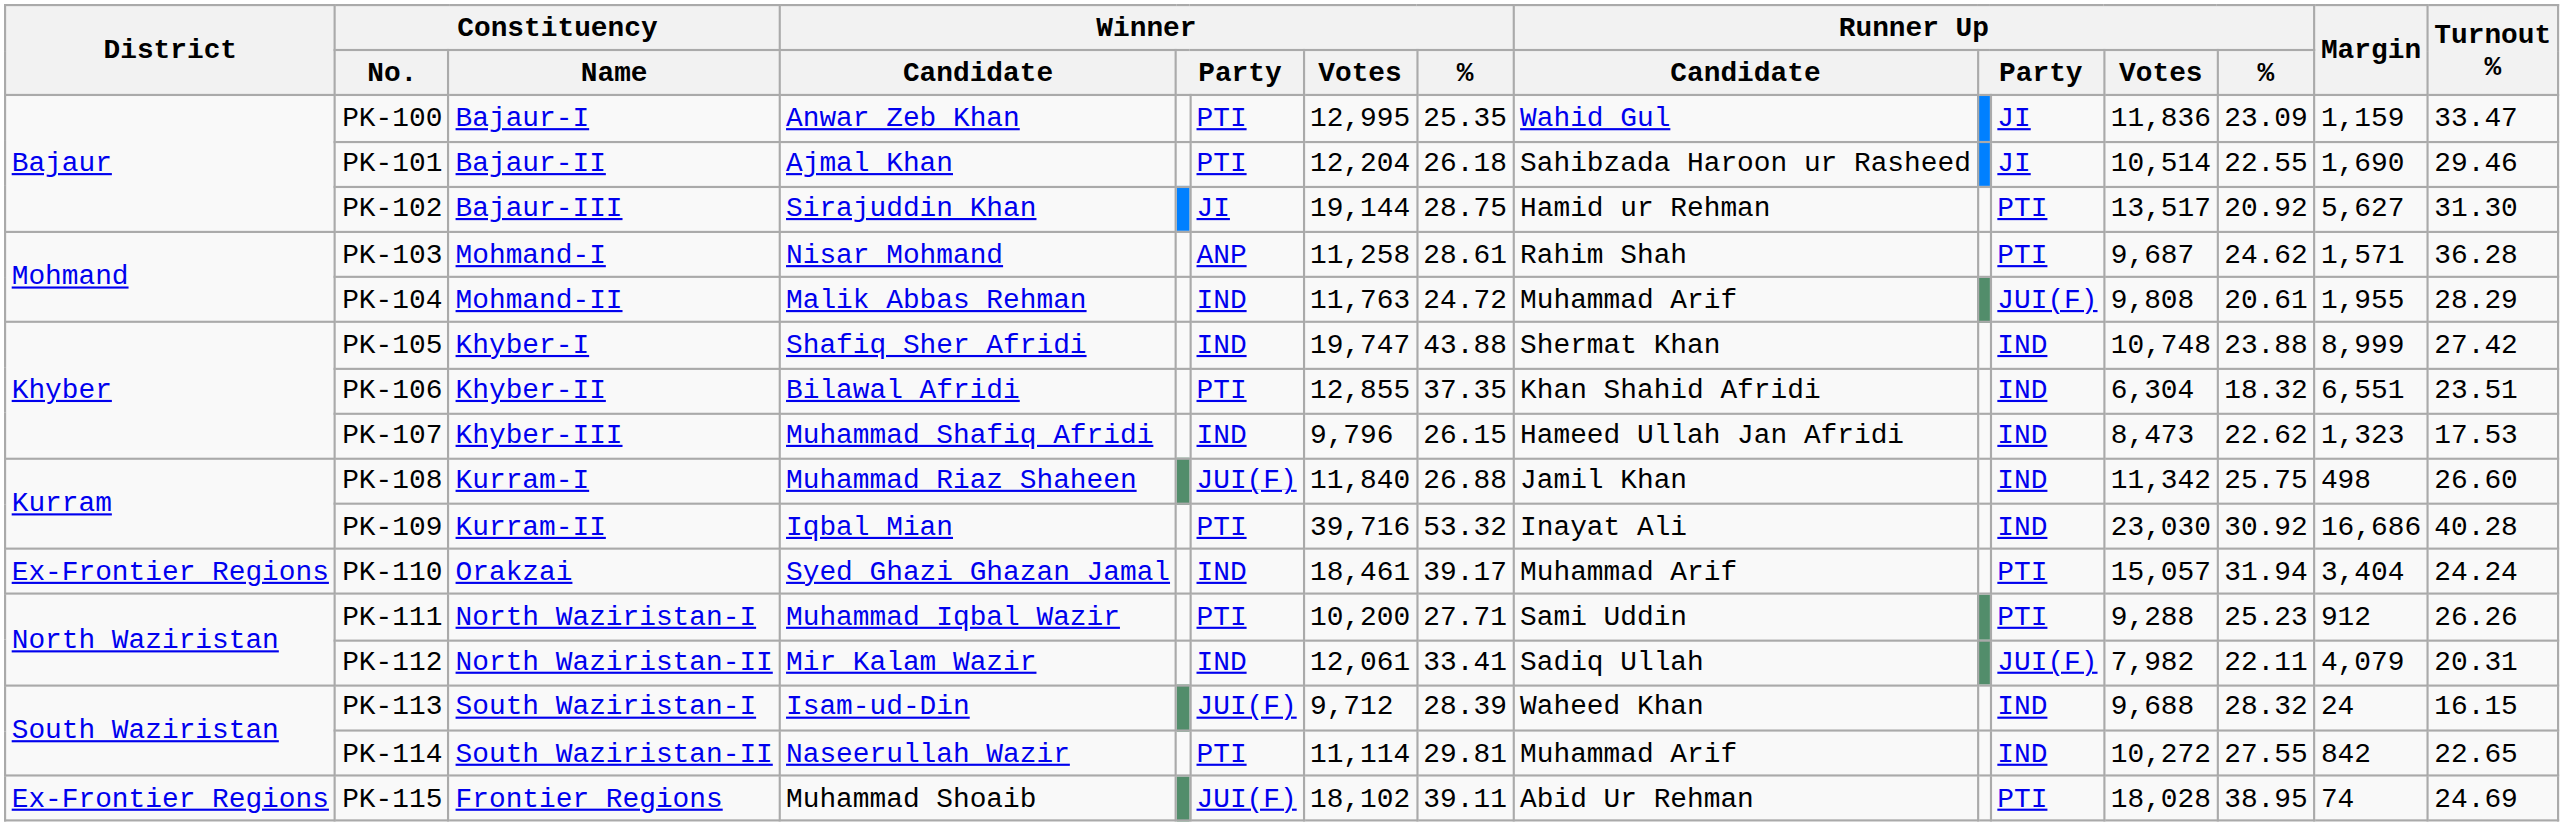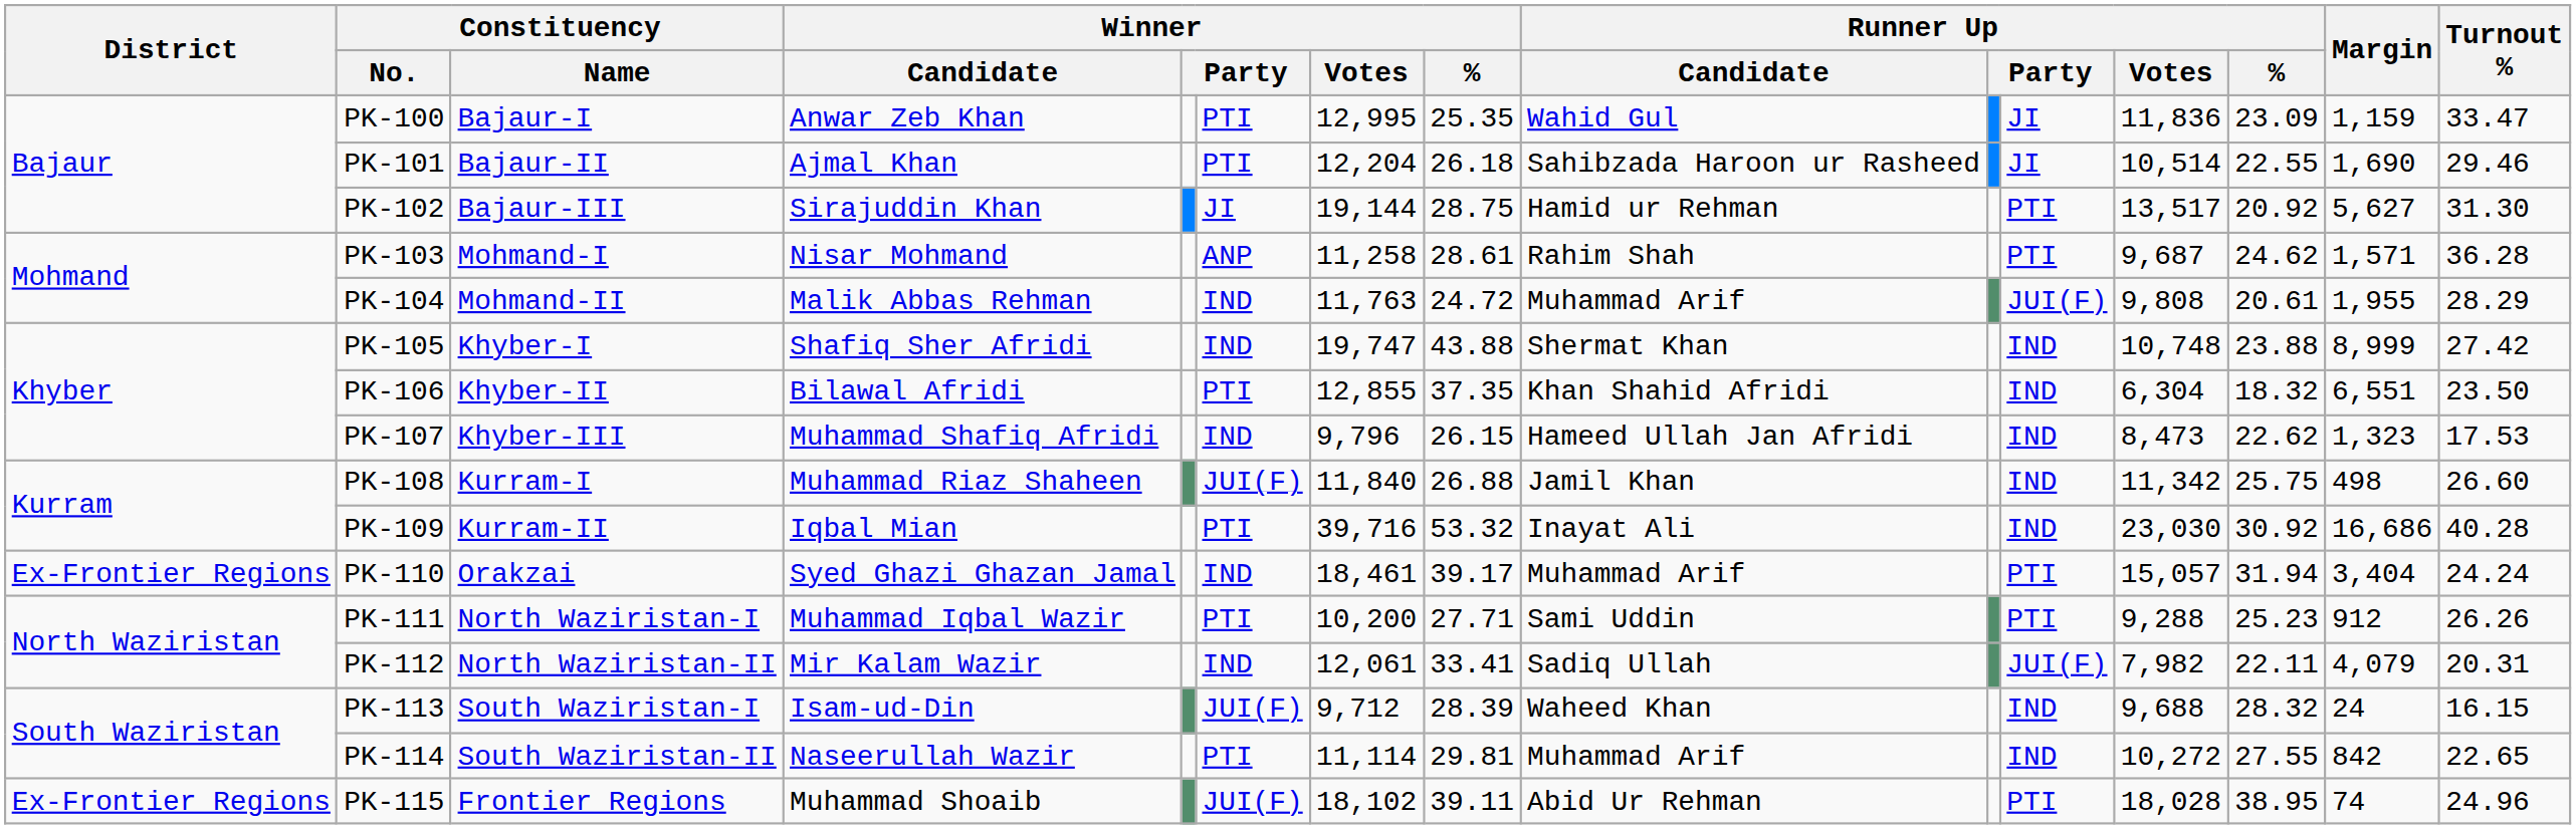 <table class="wikitable sortable static-row-numbers" style="text-align:left">
 <tr>
 <th rowspan="2">District</th>
 <th colspan="2">Constituency</th>
 <th colspan="5">Winner</th>
 <th colspan="5">Runner Up</th>
 <th rowspan="2">Margin</th>
 <th rowspan="2">Turnout<br>%</th>
 </tr>
 <tr>
 <th>No.</th>
 <th>Name</th>
 <th>Candidate</th>
 <th colspan="2">Party</th>
 <th>Votes</th>
 <th><strong>%</strong></th>
 <th>Candidate</th>
 <th colspan="2">Party</th>
 <th>Votes</th>
 <th><strong>%</strong></th>
 </tr>
 <tr>
 <td rowspan="3"><a href='#'>Bajaur</a></td>
 <td>PK-100</td>
 <td><a href='#'>Bajaur-I</a></td>
 <td><a href='#'>Anwar Zeb Khan</a></td>
 <td></td>
 <td><a href='#'>PTI</a></td>
 <td>12,995</td>
 <td>25.35</td>
 <td><a href='#'>Wahid Gul</a></td>
 <td bgcolor="#0080ff"></td>
 <td><a href='#'>JI</a></td>
 <td>11,836</td>
 <td>23.09</td>
 <td>1,159</td>
 <td>33.47</td>
 </tr>
 <tr>
 <td>PK-101</td>
 <td><a href='#'>Bajaur-II</a></td>
 <td><a href='#'>Ajmal Khan</a></td>
 <td></td>
 <td><a href='#'>PTI</a></td>
 <td>12,204</td>
 <td>26.18</td>
 <td>Sahibzada Haroon ur Rasheed</td>
 <td bgcolor="#0080ff"></td>
 <td><a href='#'>JI</a></td>
 <td>10,514</td>
 <td>22.55</td>
 <td>1,690</td>
 <td>29.46</td>
 </tr>
 <tr>
 <td>PK-102</td>
 <td><a href='#'>Bajaur-III</a></td>
 <td><a href='#'>Sirajuddin Khan</a></td>
 <td bgcolor="#0080ff"></td>
 <td><a href='#'>JI</a></td>
 <td>19,144</td>
 <td>28.75</td>
 <td>Hamid ur Rehman</td>
 <td></td>
 <td><a href='#'>PTI</a></td>
 <td>13,517</td>
 <td>20.92</td>
 <td>5,627</td>
 <td>31.30</td>
 </tr>
 <tr>
 <td rowspan="2"><a href='#'>Mohmand</a></td>
 <td>PK-103</td>
 <td><a href='#'>Mohmand-I</a></td>
 <td><a href='#'>Nisar Mohmand</a></td>
 <td></td>
 <td><a href='#'>ANP</a></td>
 <td>11,258</td>
 <td>28.61</td>
 <td>Rahim Shah</td>
 <td></td>
 <td><a href='#'>PTI</a></td>
 <td>9,687</td>
 <td>24.62</td>
 <td>1,571</td>
 <td>36.28</td>
 </tr>
 <tr>
 <td>PK-104</td>
 <td><a href='#'>Mohmand-II</a></td>
 <td><a href='#'>Malik Abbas Rehman</a></td>
 <td></td>
 <td><a href='#'>IND</a></td>
 <td>11,763</td>
 <td>24.72</td>
 <td>Muhammad Arif</td>
 <td bgcolor="#528d6b"></td>
 <td><a href='#'>JUI(F)</a></td>
 <td>9,808</td>
 <td>20.61</td>
 <td>1,955</td>
 <td>28.29</td>
 </tr>
 <tr>
 <td rowspan="3"><a href='#'>Khyber</a></td>
 <td>PK-105</td>
 <td><a href='#'>Khyber-I</a></td>
 <td><a href='#'>Shafiq Sher Afridi</a></td>
 <td></td>
 <td><a href='#'>IND</a></td>
 <td>19,747</td>
 <td>43.88</td>
 <td>Shermat Khan</td>
 <td></td>
 <td><a href='#'>IND</a></td>
 <td>10,748</td>
 <td>23.88</td>
 <td>8,999</td>
 <td>27.42</td>
 </tr>
 <tr>
 <td>PK-106</td>
 <td><a href='#'>Khyber-II</a></td>
 <td><a href='#'>Bilawal Afridi</a></td>
 <td></td>
 <td><a href='#'>PTI</a></td>
 <td>12,855</td>
 <td>37.35</td>
 <td>Khan Shahid Afridi</td>
 <td></td>
 <td><a href='#'>IND</a></td>
 <td>6,304</td>
 <td>18.32</td>
 <td>6,551</td>
-<td>23.51</td>
+<td>23.50</td>
 </tr>
 <tr>
 <td>PK-107</td>
 <td><a href='#'>Khyber-III</a></td>
 <td><a href='#'>Muhammad Shafiq Afridi</a></td>
 <td></td>
 <td><a href='#'>IND</a></td>
 <td>9,796</td>
 <td>26.15</td>
 <td>Hameed Ullah Jan Afridi</td>
 <td></td>
 <td><a href='#'>IND</a></td>
 <td>8,473</td>
 <td>22.62</td>
 <td>1,323</td>
 <td>17.53</td>
 </tr>
 <tr>
 <td rowspan="2"><a href='#'>Kurram</a></td>
 <td>PK-108</td>
 <td><a href='#'>Kurram-I</a></td>
 <td><a href='#'>Muhammad Riaz Shaheen</a></td>
 <td bgcolor="#528d6b"></td>
 <td><a href='#'>JUI(F)</a></td>
 <td>11,840</td>
 <td>26.88</td>
 <td>Jamil Khan</td>
 <td></td>
 <td><a href='#'>IND</a></td>
 <td>11,342</td>
 <td>25.75</td>
 <td>498</td>
 <td>26.60</td>
 </tr>
 <tr>
 <td>PK-109</td>
 <td><a href='#'>Kurram-II</a></td>
 <td><a href='#'>Iqbal Mian</a></td>
 <td></td>
 <td><a href='#'>PTI</a></td>
 <td>39,716</td>
 <td>53.32</td>
 <td>Inayat Ali</td>
 <td></td>
 <td><a href='#'>IND</a></td>
 <td>23,030</td>
 <td>30.92</td>
 <td>16,686</td>
 <td>40.28</td>
 </tr>
 <tr>
 <td><a href='#'>Ex-Frontier Regions</a></td>
 <td>PK-110</td>
 <td><a href='#'>Orakzai</a></td>
 <td><a href='#'>Syed Ghazi Ghazan Jamal</a></td>
 <td></td>
 <td><a href='#'>IND</a></td>
 <td>18,461</td>
 <td>39.17</td>
 <td>Muhammad Arif</td>
 <td></td>
 <td><a href='#'>PTI</a></td>
 <td>15,057</td>
 <td>31.94</td>
 <td>3,404</td>
 <td>24.24</td>
 </tr>
 <tr>
 <td rowspan="2"><a href='#'>North Waziristan</a></td>
 <td>PK-111</td>
 <td><a href='#'>North Waziristan-I</a></td>
 <td><a href='#'>Muhammad Iqbal Wazir</a></td>
 <td></td>
 <td><a href='#'>PTI</a></td>
 <td>10,200</td>
 <td>27.71</td>
 <td>Sami Uddin</td>
 <td bgcolor="#528d6b"></td>
 <td><a href='#'>PTI</a></td>
 <td>9,288</td>
 <td>25.23</td>
 <td>912</td>
 <td>26.26</td>
 </tr>
 <tr>
 <td>PK-112</td>
 <td><a href='#'>North Waziristan-II</a></td>
 <td><a href='#'>Mir Kalam Wazir</a></td>
 <td></td>
 <td><a href='#'>IND</a></td>
 <td>12,061</td>
 <td>33.41</td>
 <td>Sadiq Ullah</td>
 <td bgcolor="#528d6b"></td>
 <td><a href='#'>JUI(F)</a></td>
 <td>7,982</td>
 <td>22.11</td>
 <td>4,079</td>
 <td>20.31</td>
 </tr>
 <tr>
 <td rowspan="2"><a href='#'>South Waziristan</a></td>
 <td>PK-113</td>
 <td><a href='#'>South Waziristan-I</a></td>
 <td><a href='#'>Isam-ud-Din</a></td>
 <td bgcolor="#528d6b"></td>
 <td><a href='#'>JUI(F)</a></td>
 <td>9,712</td>
 <td>28.39</td>
 <td>Waheed Khan</td>
 <td></td>
 <td><a href='#'>IND</a></td>
 <td>9,688</td>
 <td>28.32</td>
 <td>24</td>
 <td>16.15</td>
 </tr>
 <tr>
 <td>PK-114</td>
 <td><a href='#'>South Waziristan-II</a></td>
 <td><a href='#'>Naseerullah Wazir</a></td>
 <td></td>
 <td><a href='#'>PTI</a></td>
 <td>11,114</td>
 <td>29.81</td>
 <td>Muhammad Arif</td>
 <td></td>
 <td><a href='#'>IND</a></td>
 <td>10,272</td>
 <td>27.55</td>
 <td>842</td>
 <td>22.65</td>
 </tr>
 <tr>
 <td><a href='#'>Ex-Frontier Regions</a></td>
 <td>PK-115</td>
 <td><a href='#'>Frontier Regions</a></td>
 <td>Muhammad Shoaib</td>
 <td bgcolor="#528d6b"></td>
 <td><a href='#'>JUI(F)</a></td>
 <td>18,102</td>
 <td>39.11</td>
 <td>Abid Ur Rehman</td>
 <td></td>
 <td><a href='#'>PTI</a></td>
 <td>18,028</td>
 <td>38.95</td>
 <td>74</td>
-<td>24.69</td>
+<td>24.96</td>
 </tr>
 </table>
